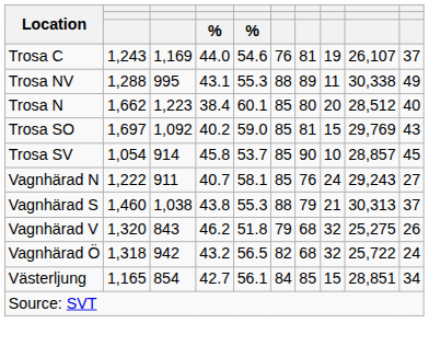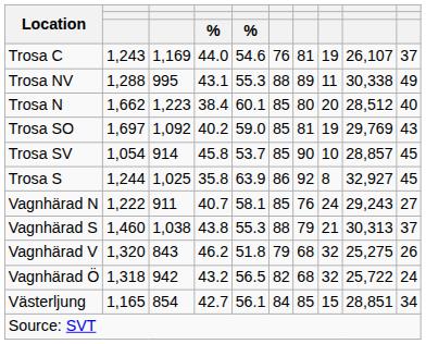 <table role="presentation" class="wikitable sortable mw-collapsible">
 <tr>
 <th rowspan="3">Location</th>
 <th></th>
 <th></th>
 <th></th>
 <th></th>
 <th></th>
 <th></th>
 <th></th>
 <th></th>
 <th></th>
 </tr>
 <tr>
 <th></th>
 <th></th>
 <th style="background:"></th>
 <th style="background:"></th>
 <th></th>
 <th></th>
 <th></th>
 <th></th>
 <th></th>
 </tr>
 <tr>
 <th data-sort-type="number"></th>
 <th data-sort-type="number"></th>
 <th data-sort-type="number">%</th>
 <th data-sort-type="number">%</th>
 <th data-sort-type="number"></th>
 <th data-sort-type="number"></th>
 <th data-sort-type="number"></th>
 <th data-sort-type="number"></th>
 <th data-sort-type="number"></th>
 </tr>
 <tr>
 <td align="left">Trosa C</td>
 <td>1,243</td>
 <td>1,169</td>
 <td>44.0</td>
 <td>54.6</td>
 <td>76</td>
 <td>81</td>
 <td>19</td>
 <td>26,107</td>
 <td>37</td>
 </tr>
 <tr>
 <td align="left">Trosa NV</td>
 <td>1,288</td>
 <td>995</td>
 <td>43.1</td>
 <td>55.3</td>
 <td>88</td>
 <td>89</td>
 <td>11</td>
 <td>30,338</td>
 <td>49</td>
 </tr>
 <tr>
 <td align="left">Trosa N</td>
 <td>1,662</td>
 <td>1,223</td>
 <td>38.4</td>
 <td>60.1</td>
 <td>85</td>
 <td>80</td>
 <td>20</td>
 <td>28,512</td>
 <td>40</td>
 </tr>
 <tr>
 <td align="left">Trosa SO</td>
 <td>1,697</td>
 <td>1,092</td>
 <td>40.2</td>
 <td>59.0</td>
 <td>85</td>
 <td>81</td>
-<td>15</td>
+<td>19</td>
 <td>29,769</td>
 <td>43</td>
 </tr>
 <tr>
 <td align="left">Trosa SV</td>
 <td>1,054</td>
 <td>914</td>
 <td>45.8</td>
 <td>53.7</td>
 <td>85</td>
 <td>90</td>
 <td>10</td>
 <td>28,857</td>
+<td>45</td>
+</tr>
+<tr>
+<td align="left">Trosa S</td>
+<td>1,244</td>
+<td>1,025</td>
+<td>35.8</td>
+<td>63.9</td>
+<td>86</td>
+<td>92</td>
+<td>8</td>
+<td>32,927</td>
 <td>45</td>
 </tr>
 <tr>
 <td align="left">Vagnhärad N</td>
 <td>1,222</td>
 <td>911</td>
 <td>40.7</td>
 <td>58.1</td>
 <td>85</td>
 <td>76</td>
 <td>24</td>
 <td>29,243</td>
 <td>27</td>
 </tr>
 <tr>
 <td align="left">Vagnhärad S</td>
 <td>1,460</td>
 <td>1,038</td>
 <td>43.8</td>
 <td>55.3</td>
 <td>88</td>
 <td>79</td>
 <td>21</td>
 <td>30,313</td>
 <td>37</td>
 </tr>
 <tr>
 <td align="left">Vagnhärad V</td>
 <td>1,320</td>
 <td>843</td>
 <td>46.2</td>
 <td>51.8</td>
 <td>79</td>
 <td>68</td>
 <td>32</td>
 <td>25,275</td>
 <td>26</td>
 </tr>
 <tr>
 <td align="left">Vagnhärad Ö</td>
 <td>1,318</td>
 <td>942</td>
 <td>43.2</td>
 <td>56.5</td>
 <td>82</td>
 <td>68</td>
 <td>32</td>
 <td>25,722</td>
 <td>24</td>
 </tr>
 <tr>
 <td align="left">Västerljung</td>
 <td>1,165</td>
 <td>854</td>
 <td>42.7</td>
 <td>56.1</td>
 <td>84</td>
 <td>85</td>
 <td>15</td>
 <td>28,851</td>
 <td>34</td>
 </tr>
 <tr>
 <td colspan="10" align="left">Source: <a href='#'>SVT</a></td>
 </tr>
 </table>
